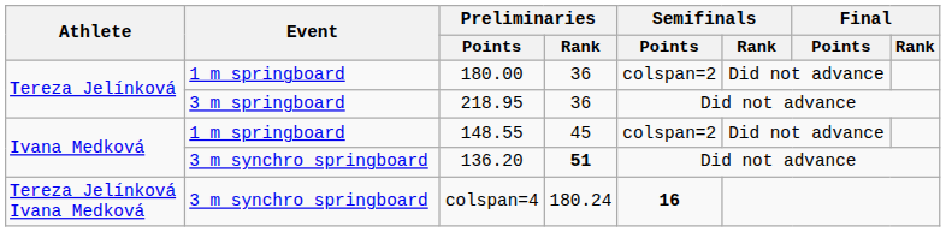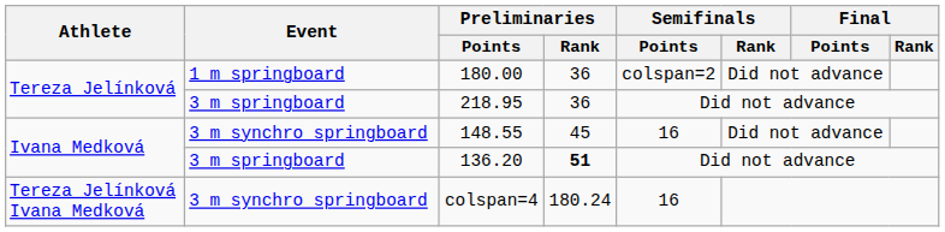 <table class="wikitable" style="text-align:center; font-size:90%; width:50%;">
 <tr>
 <th rowspan=2>Athlete</th>
 <th rowspan=2>Event</th>
 <th colspan=2>Preliminaries</th>
 <th colspan=2>Semifinals</th>
 <th colspan=2>Final</th>
 </tr>
 <tr style="font-size:95%">
 <th>Points</th>
 <th>Rank</th>
 <th>Points</th>
 <th>Rank</th>
 <th>Points</th>
 <th>Rank</th>
 </tr>
 <tr>
 <td align=left rowspan=2><a href='#'>Tereza Jelínková</a></td>
 <td align=left><a href='#'>1 m springboard</a></td>
 <td>180.00</td>
 <td>36</td>
 <td>colspan=2 </td>
 <td colspan=2>Did not advance</td>
 </tr>
 <tr>
 <td align=left><a href='#'>3 m springboard</a></td>
 <td>218.95</td>
 <td>36</td>
 <td colspan=4>Did not advance</td>
 </tr>
 <tr>
 <td align=left rowspan=2><a href='#'>Ivana Medková</a></td>
-<td align=left><a href='#'>1 m springboard</a></td>
+<td align=left><a href='#'>3 m synchro springboard</a></td>
 <td>148.55</td>
 <td>45</td>
-<td>colspan=2 </td>
+<td>16</td>
 <td colspan=2>Did not advance</td>
 </tr>
 <tr>
-<td align=left><a href='#'>3 m synchro springboard</a></td>
+<td align=left><a href='#'>3 m springboard</a></td>
 <td>136.20</td>
 <td><strong>51</strong></td>
 <td colspan=4>Did not advance</td>
 </tr>
 <tr>
 <td align=left><a href='#'>Tereza Jelínková</a><br><a href='#'>Ivana Medková</a></td>
 <td align=left><a href='#'>3 m synchro springboard</a></td>
 <td>colspan=4 </td>
 <td>180.24</td>
-<td><strong>16</strong></td>
+<td>16</td>
 </tr>
 </table>
